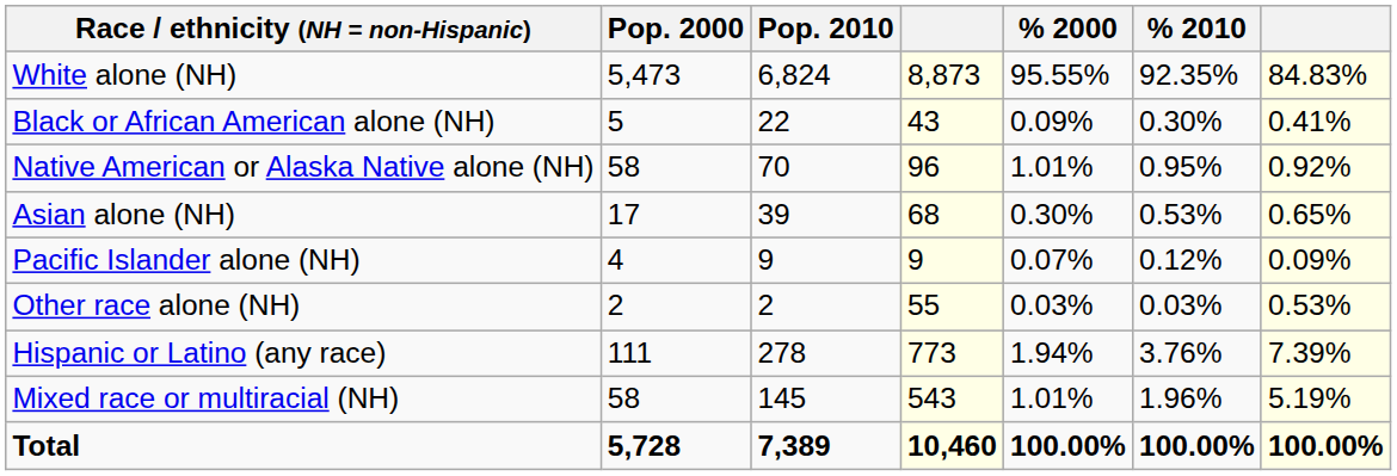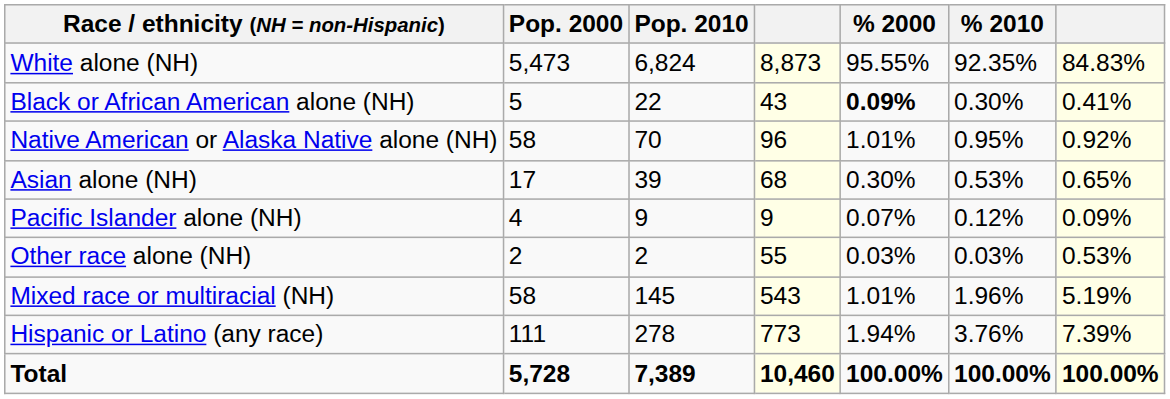 <table class="wikitable">
 <tr>
 <th>Race / ethnicity <small>(<em>NH = non-Hispanic</em>)</small></th>
 <th>Pop. 2000</th>
 <th>Pop. 2010</th>
 <th></th>
 <th>% 2000</th>
 <th>% 2010</th>
 <th></th>
 </tr>
 <tr>
 <td><a href='#'>White</a> alone (NH)</td>
 <td>5,473</td>
 <td>6,824</td>
 <td style='background: #ffffe6;'>8,873</td>
 <td>95.55%</td>
 <td>92.35%</td>
 <td style='background: #ffffe6;'>84.83%</td>
 </tr>
 <tr>
 <td><a href='#'>Black or African American</a> alone (NH)</td>
 <td>5</td>
 <td>22</td>
 <td style='background: #ffffe6;'>43</td>
-<td>0.09%</td>
+<td><strong>0.09%</strong></td>
 <td>0.30%</td>
 <td style='background: #ffffe6;'>0.41%</td>
 </tr>
 <tr>
 <td><a href='#'>Native American</a> or <a href='#'>Alaska Native</a> alone (NH)</td>
 <td>58</td>
 <td>70</td>
 <td style='background: #ffffe6;'>96</td>
 <td>1.01%</td>
 <td>0.95%</td>
 <td style='background: #ffffe6;'>0.92%</td>
 </tr>
 <tr>
 <td><a href='#'>Asian</a> alone (NH)</td>
 <td>17</td>
 <td>39</td>
 <td style='background: #ffffe6;'>68</td>
 <td>0.30%</td>
 <td>0.53%</td>
 <td style='background: #ffffe6;'>0.65%</td>
 </tr>
 <tr>
 <td><a href='#'>Pacific Islander</a> alone (NH)</td>
 <td>4</td>
 <td>9</td>
 <td style='background: #ffffe6;'>9</td>
 <td>0.07%</td>
 <td>0.12%</td>
 <td style='background: #ffffe6;'>0.09%</td>
 </tr>
 <tr>
 <td><a href='#'>Other race</a> alone (NH)</td>
 <td>2</td>
 <td>2</td>
 <td style='background: #ffffe6;'>55</td>
 <td>0.03%</td>
 <td>0.03%</td>
 <td style='background: #ffffe6;'>0.53%</td>
 </tr>
 <tr>
+<td><a href='#'>Mixed race or multiracial</a> (NH)</td>
+<td>58</td>
+<td>145</td>
+<td style='background: #ffffe6;'>543</td>
+<td>1.01%</td>
+<td>1.96%</td>
+<td style='background: #ffffe6;'>5.19%</td>
+</tr>
+<tr>
 <td><a href='#'>Hispanic or Latino</a> (any race)</td>
 <td>111</td>
 <td>278</td>
 <td style='background: #ffffe6;'>773</td>
 <td>1.94%</td>
 <td>3.76%</td>
 <td style='background: #ffffe6;'>7.39%</td>
-</tr>
-<tr>
-<td><a href='#'>Mixed race or multiracial</a> (NH)</td>
-<td>58</td>
-<td>145</td>
-<td style='background: #ffffe6;'>543</td>
-<td>1.01%</td>
-<td>1.96%</td>
-<td style='background: #ffffe6;'>5.19%</td>
 </tr>
 <tr>
 <td><strong>Total</strong></td>
 <td><strong>5,728</strong></td>
 <td><strong>7,389</strong></td>
 <td style='background: #ffffe6;'><strong>10,460</strong></td>
 <td><strong>100.00%</strong></td>
 <td><strong>100.00%</strong></td>
 <td style='background: #ffffe6;'><strong>100.00%</strong></td>
 </tr>
 </table>
